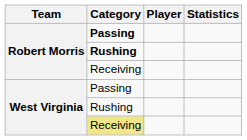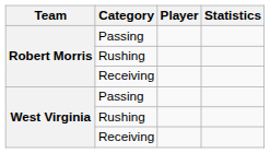 <table class="wikitable" style="float:right">
 <tr>
 <th>Team</th>
 <th>Category</th>
 <th>Player</th>
 <th>Statistics</th>
 </tr>
 <tr>
 <th rowspan=3>Robert Morris</th>
-<td><strong>Passing</strong></td>
+<td>Passing</td>
 <td></td>
 <td></td>
 </tr>
 <tr>
-<td><strong>Rushing</strong></td>
+<td>Rushing</td>
 <td></td>
 <td></td>
 </tr>
 <tr>
 <td>Receiving</td>
 <td></td>
 <td></td>
 </tr>
 <tr>
 <th rowspan=3>West Virginia</th>
 <td>Passing</td>
 <td></td>
 <td></td>
 </tr>
 <tr>
 <td>Rushing</td>
 <td></td>
 <td></td>
 </tr>
 <tr>
-<td style="background: khaki;">Receiving</td>
+<td>Receiving</td>
 <td></td>
 <td></td>
 </tr>
 </table>
